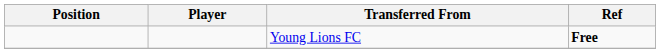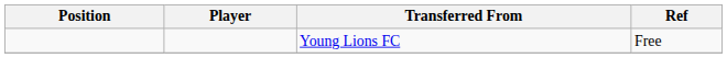 <table class="wikitable sortable" style="width:60%; text-align:center; font-size:100%; text-align:left;">
 <tr>
 <th><strong>Position</strong></th>
 <th><strong>Player</strong></th>
 <th><strong>Transferred From</strong></th>
 <th><strong>Ref</strong></th>
 </tr>
 <tr>
 <td></td>
 <td></td>
 <td> <a href='#'>Young Lions FC</a></td>
-<td><strong>Free</strong></td>
+<td>Free</td>
 </tr>
 <tr>
 </tr>
 </table>
